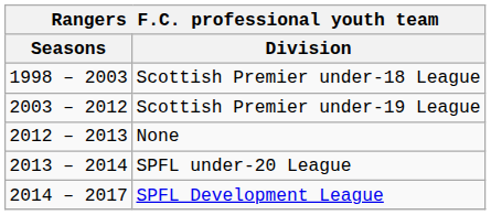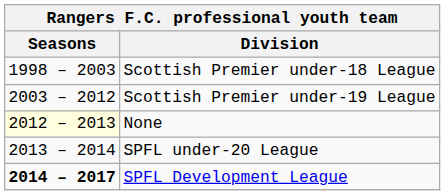 <table class="wikitable">
 <tr>
 <th colspan=3>Rangers F.C. professional youth team</th>
 </tr>
 <tr>
 <th scope="col">Seasons</th>
 <th scope="col">Division</th>
 </tr>
 <tr>
 <td>1998 – 2003</td>
 <td>Scottish Premier under-18 League</td>
 </tr>
 <tr>
 <td>2003 – 2012</td>
 <td>Scottish Premier under-19 League</td>
 </tr>
 <tr>
-<td>2012 – 2013</td>
+<td style="background: lightyellow;">2012 – 2013</td>
 <td>None</td>
 </tr>
 <tr>
 <td>2013 – 2014</td>
 <td>SPFL under-20 League</td>
 </tr>
 <tr>
-<td>2014 – 2017</td>
+<td><strong>2014 – 2017</strong></td>
 <td><a href='#'>SPFL Development League</a></td>
 </tr>
 <tr>
 </tr>
 </table>
